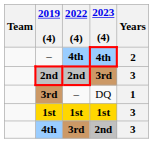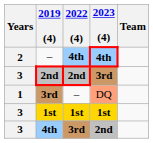 <table class="wikitable" style="text-align: center">
 <tr>
-<th>Team</th>
+<th>Years</th>
 <th><a href='#'>2019</a><br><br>(4)</th>
 <th><a href='#'>2022</a><br><br>(4)</th>
 <th><a href='#'>2023</a><br><br>(4)</th>
-<th>Years</th>
+<th>Team</th>
 </tr>
 <tr>
-<td align=left></td>
+<th>2</th>
 <td>–</td>
 <td style="background-color:#9acdff"><strong>4th</strong></td>
 <td style="border:3px solid red" bgcolor=#9acdff><strong>4th</strong></td>
-<th>2</th>
+<td align=left></td>
 </tr>
 <tr>
-<td align=left></td>
+<th>3</th>
 <td bgcolor=silver style="border:3px solid red"><strong>2nd</strong></td>
 <td bgcolor=silver style="border:3px solid red"><strong>2nd</strong></td>
 <td style="background-color:#cc9966"><strong>3rd</strong></td>
-<th>3</th>
+<td align=left></td>
 </tr>
 <tr>
-<td align=left></td>
+<th>1</th>
 <td style="background-color:#cc9966"><strong>3rd</strong></td>
 <td>–</td>
-<td>DQ</td>
-<th>1</th>
+<td style="background: lightsalmon;">DQ</td>
+<td align=left></td>
 </tr>
 <tr>
-<td align=left></td>
+<th>3</th>
 <td style="background-color:gold"><strong>1st</strong></td>
 <td style="background-color:gold"><strong>1st</strong></td>
 <td style="background-color:gold"><strong>1st</strong></td>
-<th>3</th>
+<td align=left></td>
 </tr>
 <tr>
-<td align=left></td>
+<th>3</th>
 <td style="background-color:#9acdff"><strong>4th</strong></td>
 <td style="background-color:#cc9966"><strong>3rd</strong></td>
 <td bgcolor=silver><strong>2nd</strong></td>
-<th>3</th>
+<td align=left></td>
 </tr>
 </table>
